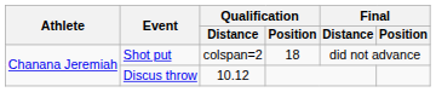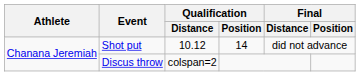 <table class=wikitable style="font-size:90%">
 <tr>
 <th rowspan=2>Athlete</th>
 <th rowspan=2>Event</th>
 <th colspan=2>Qualification</th>
 <th colspan=2>Final</th>
 </tr>
 <tr style="font-size:95%">
 <th>Distance</th>
 <th>Position</th>
 <th>Distance</th>
 <th>Position</th>
 </tr>
 <tr align=center>
 <td align=left rowspan=2><a href='#'>Chanana Jeremiah</a></td>
 <td align=left><a href='#'>Shot put</a></td>
-<td>colspan=2 </td>
-<td>18</td>
+<td>10.12</td>
+<td>14</td>
 <td colspan=2>did not advance</td>
 </tr>
 <tr align=center>
 <td align=left><a href='#'>Discus throw</a></td>
-<td>10.12</td>
+<td>colspan=2 </td>
 <td colspan=2></td>
 </tr>
 </table>
